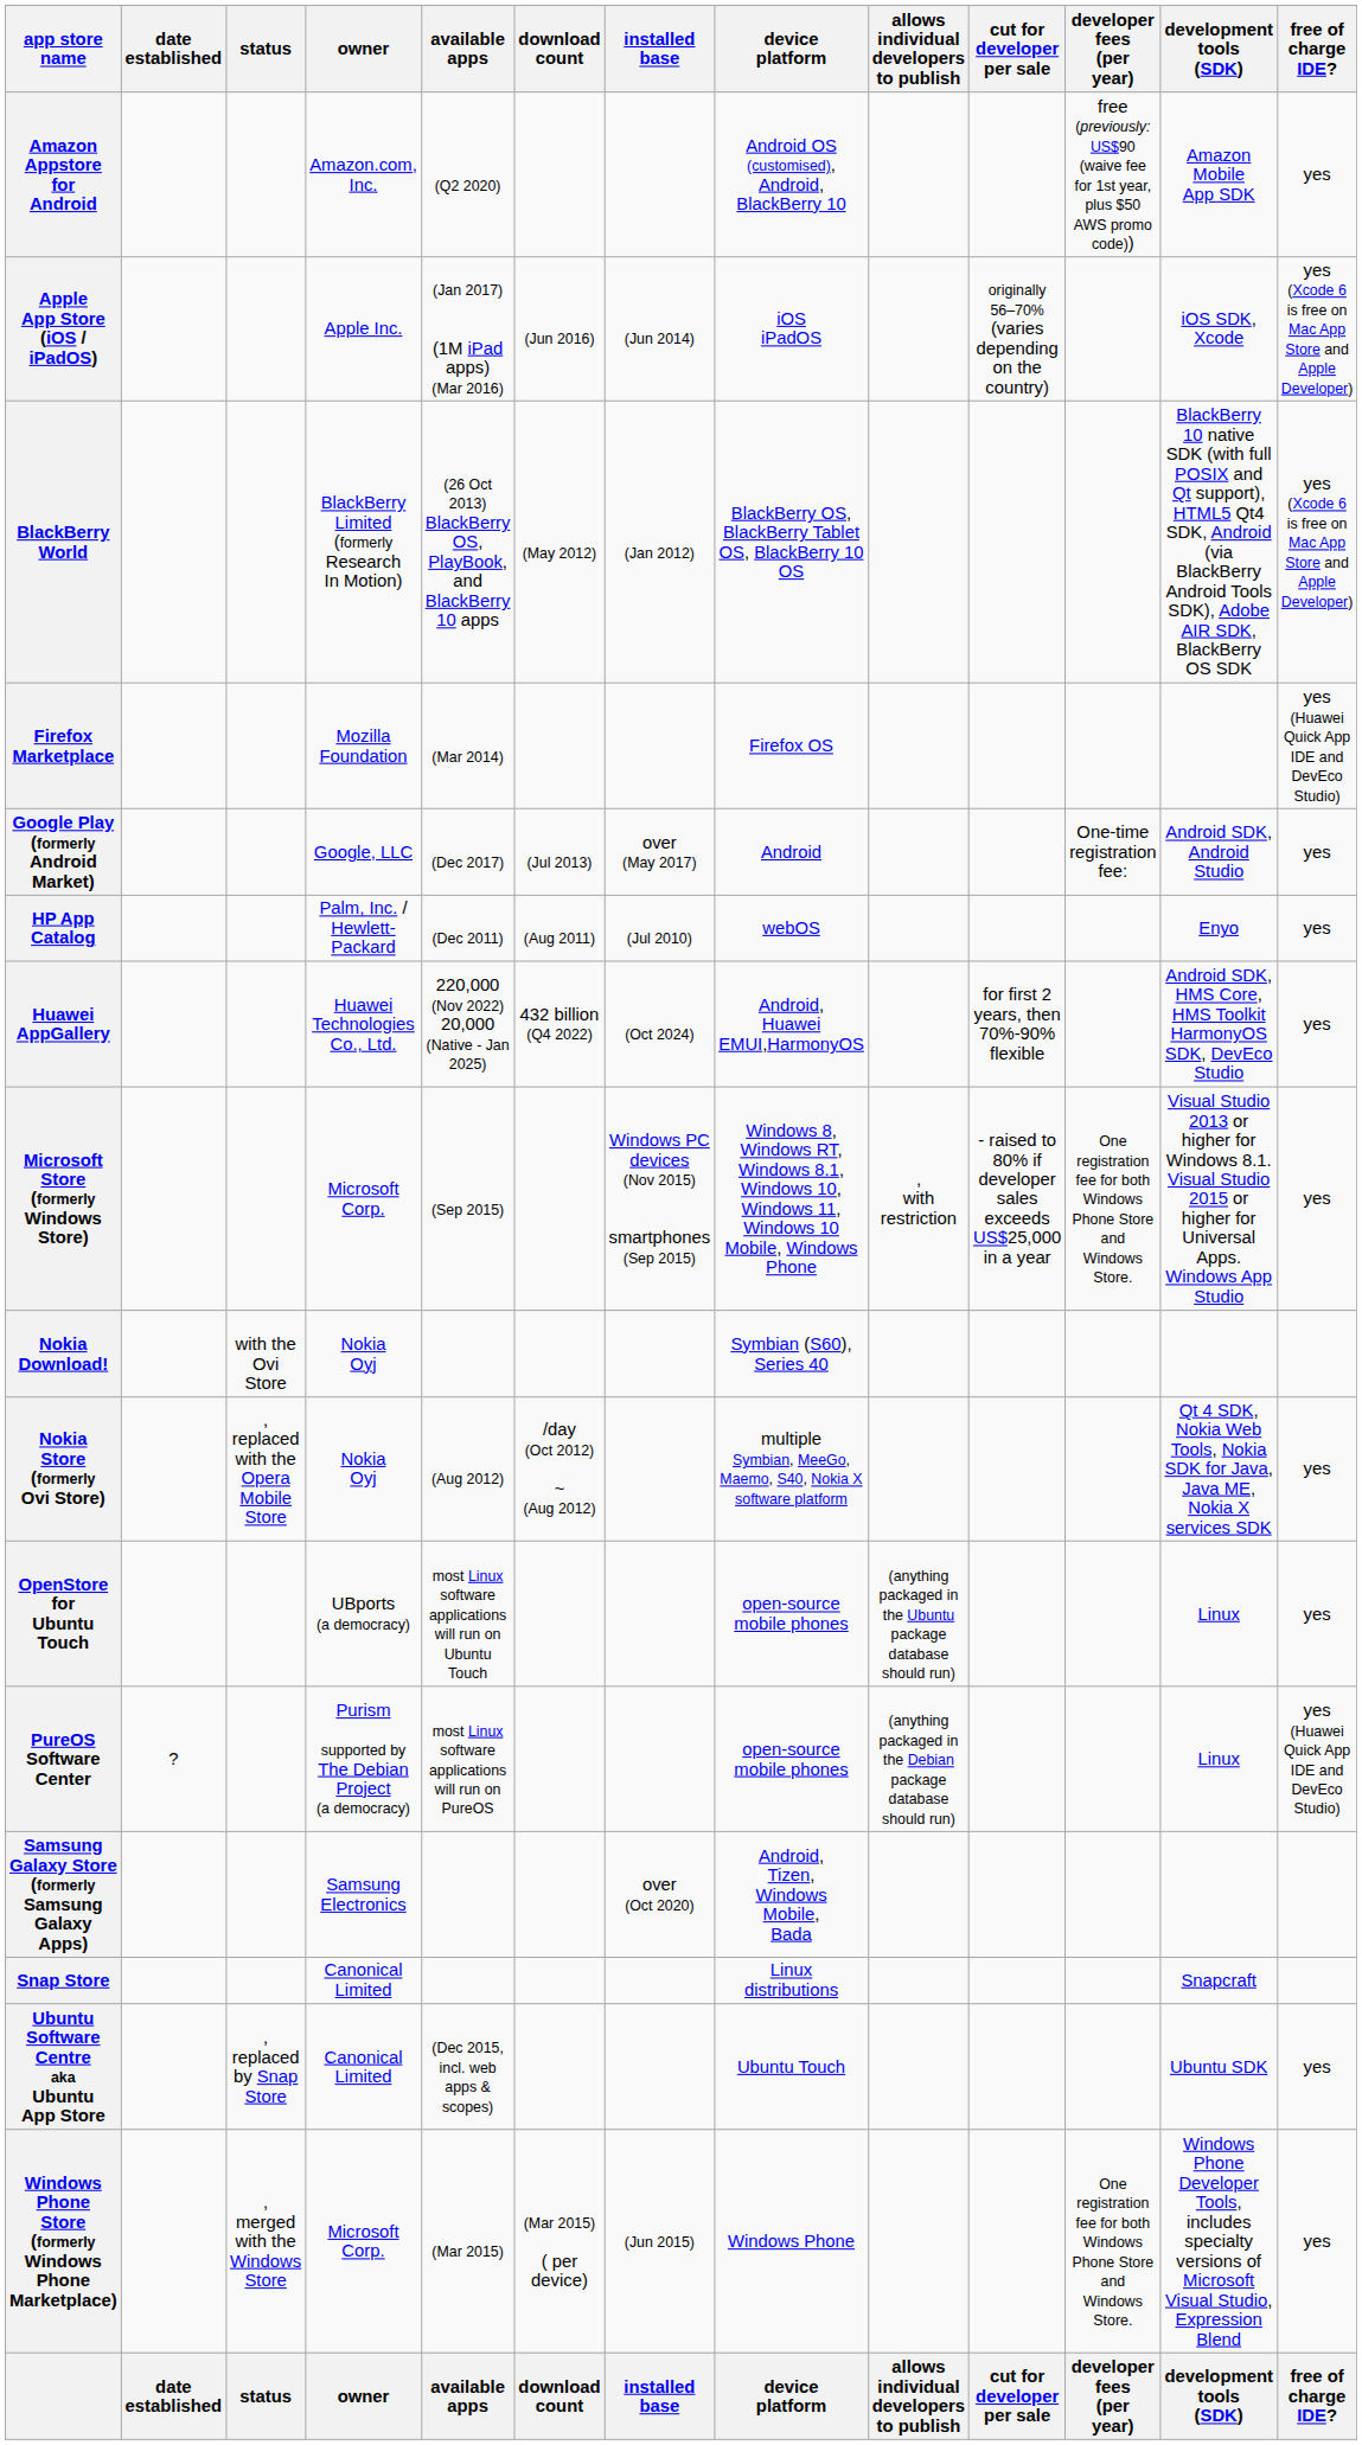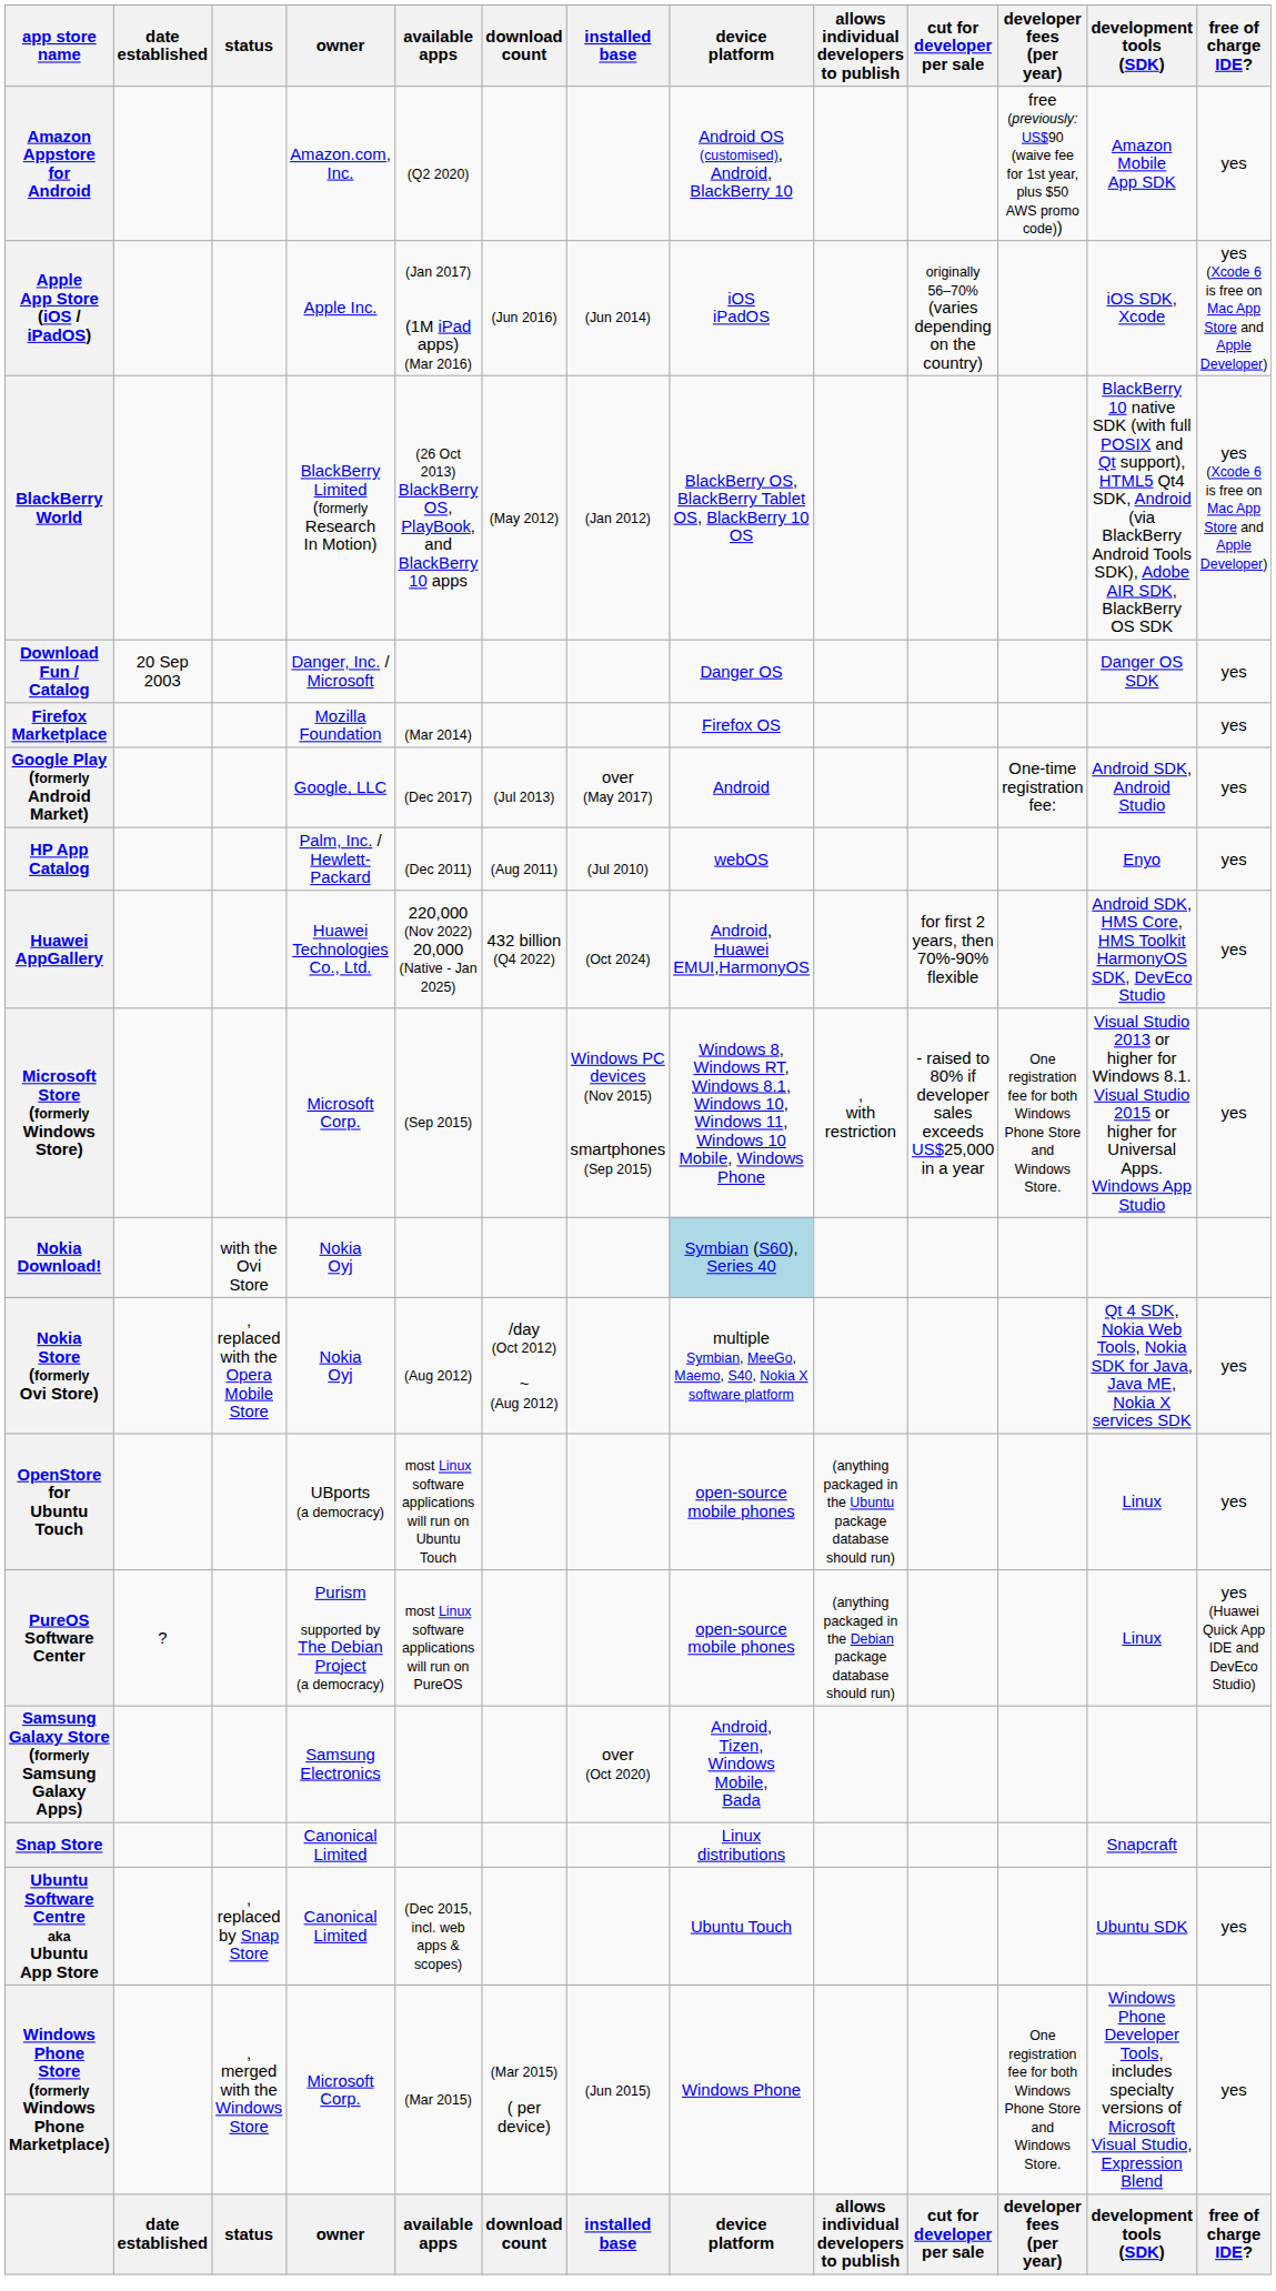 <table class="wikitable sortable" style="text-align:center; font-size:90%">
 <tr>
 <th><a href='#'>app store<br>name</a></th>
 <th>date<br>established</th>
 <th>status</th>
 <th>owner</th>
 <th>available<br>apps</th>
 <th>download<br>count</th>
 <th><a href='#'>installed<br>base</a></th>
 <th>device<br>platform</th>
 <th>allows<br>individual<br>developers<br>to publish</th>
 <th>cut for<br><a href='#'>developer</a><br>per sale</th>
 <th>developer<br>fees<br>(per<br>year)</th>
 <th>development<br>tools<br>(<a href='#'>SDK</a>)</th>
 <th>free of<br>charge<br><a href='#'>IDE</a>?</th>
 </tr>
 <tr>
 <th><a href='#'>Amazon<br>Appstore<br>for<br>Android</a></th>
 <td></td>
 <td></td>
 <td><a href='#'>Amazon.com,<br>Inc.</a></td>
 <td><br><small>(Q2 2020)</small><br></td>
 <td></td>
 <td></td>
 <td><a href='#'>Android OS<br><small>(customised)</small></a>, <a href='#'>Android</a>, <a href='#'>BlackBerry 10</a></td>
 <td></td>
 <td></td>
 <td>free <br><small>(<em>previously:</em> <a href='#'>US$</a>90 <br>(waive fee for 1st year, plus $50 AWS promo code)</small>)</td>
 <td><a href='#'>Amazon<br>Mobile<br>App SDK</a><br></td>
 <td>yes</td>
 </tr>
 <tr>
 <th><a href='#'>Apple<br>App Store</a><br>(<a href='#'>iOS</a> / <a href='#'>iPadOS</a>)</th>
 <td></td>
 <td></td>
 <td><a href='#'>Apple Inc.</a></td>
 <td><br><small>(Jan 2017)</small><br><br><br>(1M <a href='#'>iPad</a> apps)<br><small>(Mar 2016)</small><br></td>
 <td><br><small>(Jun 2016)</small><br></td>
 <td><br><small>(Jun 2014)</small><br></td>
 <td><a href='#'>iOS</a><br><a href='#'>iPadOS</a></td>
 <td></td>
 <td> <br><small>originally<br>56–70%</small> (varies depending on the country) </td>
 <td><br></td>
 <td><a href='#'>iOS SDK</a>,<br><a href='#'>Xcode</a></td>
 <td>yes <br><small>(<a href='#'>Xcode 6</a> is free on <a href='#'>Mac App Store</a> and <a href='#'>Apple Developer</a>)</small></td>
 </tr>
 <tr>
 <th><a href='#'>BlackBerry World</a></th>
 <td></td>
 <td> </td>
 <td><a href='#'>BlackBerry<br>Limited</a><br>(<small>formerly</small><br>Research<br>In Motion)</td>
 <td><br><small>(26 Oct 2013)</small><br><a href='#'>BlackBerry OS</a>, <a href='#'>PlayBook</a>, and <a href='#'>BlackBerry 10</a> apps<br></td>
 <td><br><small>(May 2012)</small><br></td>
 <td><br><small>(Jan 2012)</small><br></td>
 <td><a href='#'>BlackBerry OS</a>, <a href='#'>BlackBerry Tablet OS</a>, <a href='#'>BlackBerry 10 OS</a></td>
 <td></td>
 <td><br></td>
 <td><br></td>
 <td><a href='#'>BlackBerry 10</a> native SDK (with full <a href='#'>POSIX</a> and <a href='#'>Qt</a> support), <a href='#'>HTML5</a> Qt4 SDK, <a href='#'>Android</a> (via BlackBerry Android Tools SDK), <a href='#'>Adobe AIR SDK</a>, BlackBerry OS SDK</td>
 <td>yes <br><small>(<a href='#'>Xcode 6</a> is free on <a href='#'>Mac App Store</a> and <a href='#'>Apple Developer</a>)</small></td>
 </tr>
 <tr>
+<th><a href='#'>Download Fun / Catalog</a></th>
+<td>20 Sep 2003<br></td>
+<td> </td>
+<td><a href='#'>Danger, Inc.</a> / <a href='#'>Microsoft</a></td>
+<td></td>
+<td></td>
+<td></td>
+<td><a href='#'>Danger OS</a></td>
+<td></td>
+<td></td>
+<td></td>
+<td><a href='#'>Danger OS SDK</a></td>
+<td>yes</td>
+</tr>
+<tr>
 <th><a href='#'>Firefox<br>Marketplace</a></th>
 <td></td>
 <td> </td>
 <td><a href='#'>Mozilla<br>Foundation</a></td>
 <td><br><small>(Mar 2014)</small> </td>
 <td></td>
 <td></td>
 <td><a href='#'>Firefox OS</a></td>
 <td></td>
 <td><br></td>
 <td></td>
 <td></td>
-<td>yes<br><small>(Huawei Quick App IDE and DevEco Studio)</small> </td>
+<td>yes</td>
 </tr>
 <tr>
 <th><a href='#'>Google Play</a><br>(<small>formerly</small><br>Android<br>Market)</th>
 <td></td>
 <td></td>
 <td><a href='#'>Google, LLC</a></td>
 <td><br><small>(Dec 2017)</small><br></td>
 <td><br><small>(Jul 2013)</small><br></td>
 <td>over <br><small>(May 2017)</small><br></td>
 <td><a href='#'>Android</a><br></td>
 <td></td>
 <td></td>
 <td>One-time registration fee: <br></td>
 <td><a href='#'>Android SDK</a>, <a href='#'>Android Studio</a></td>
 <td>yes</td>
 </tr>
 <tr>
 <th><a href='#'>HP App<br>Catalog</a></th>
 <td></td>
 <td></td>
 <td><a href='#'>Palm, Inc.</a> / <a href='#'>Hewlett-<br>Packard</a></td>
 <td><br><small>(Dec 2011)</small> </td>
 <td><br><small>(Aug 2011)</small><br></td>
 <td><br><small>(Jul 2010)</small><br></td>
 <td><a href='#'>webOS</a></td>
 <td></td>
 <td><br></td>
 <td><br></td>
 <td><a href='#'>Enyo</a></td>
 <td>yes</td>
 </tr>
 <tr>
 <th><a href='#'>Huawei<br>AppGallery</a></th>
 <td><br></td>
 <td></td>
 <td><a href='#'>Huawei<br>Technologies<br>Co., Ltd.</a></td>
 <td>220,000<br><small>(Nov 2022)</small><br>20,000<br><small>(Native - Jan 2025)</small><br></td>
 <td>432 billion<br><small>(Q4 2022)</small></td>
 <td><br><small>(Oct 2024)</small><br></td>
 <td><a href='#'>Android</a>,<br><a href='#'>Huawei EMUI</a>,<a href='#'>HarmonyOS</a></td>
 <td></td>
 <td> for first 2 years, then 70%-90% flexible<br></td>
 <td><br></td>
 <td><a href='#'>Android SDK</a>,<br><a href='#'>HMS Core</a>,<br><a href='#'>HMS Toolkit</a><br><a href='#'>HarmonyOS SDK</a>, <a href='#'>DevEco Studio</a></td>
 <td>yes</td>
 </tr>
 <tr>
 <th><a href='#'>Microsoft<br>Store</a><br>(<small>formerly</small><br>Windows Store)</th>
 <td></td>
 <td></td>
 <td><a href='#'>Microsoft<br>Corp.</a></td>
 <td><br><small>(Sep 2015)</small></td>
 <td></td>
 <td><br><a href='#'>Windows PC devices</a><br><small>(Nov 2015)</small><br><br><br>smartphones<br><small> (Sep 2015)</small><br><br></td>
 <td><a href='#'>Windows 8</a>, <a href='#'>Windows RT</a>, <a href='#'>Windows 8.1</a>, <a href='#'>Windows 10</a>, <a href='#'>Windows 11</a>, <a href='#'>Windows 10 Mobile</a>, <a href='#'>Windows Phone</a></td>
 <td>,<br>with<br>restriction </td>
 <td> - raised to 80% if developer sales exceeds <a href='#'>US$</a>25,000 in a year</td>
 <td><br><small>One registration fee for both Windows Phone Store and Windows Store.</small></td>
 <td><a href='#'>Visual Studio 2013</a> or higher for Windows 8.1.<br><a href='#'>Visual Studio 2015</a> or higher for Universal Apps.<br><a href='#'>Windows App Studio</a></td>
 <td>yes</td>
 </tr>
 <tr>
 <th><a href='#'>Nokia<br>Download!</a></th>
 <td></td>
 <td><br>with the<br>Ovi Store</td>
 <td><a href='#'>Nokia<br>Oyj</a></td>
 <td></td>
 <td></td>
 <td></td>
-<td><a href='#'>Symbian</a> (<a href='#'>S60</a>),<br><a href='#'>Series 40</a></td>
+<td style="background: lightblue;"><a href='#'>Symbian</a> (<a href='#'>S60</a>),<br><a href='#'>Series 40</a></td>
 <td></td>
 <td></td>
 <td></td>
 <td></td>
 <td></td>
 </tr>
 <tr>
 <th><a href='#'>Nokia<br>Store</a><br>(<small>formerly</small><br>Ovi Store)</th>
 <td></td>
 <td>,<br>replaced<br>with the<br><a href='#'>Opera Mobile Store</a></td>
 <td><a href='#'>Nokia<br>Oyj</a></td>
 <td><br><small>(Aug 2012)</small><br></td>
 <td>/day<br><small>(Oct 2012)</small><br><br>~<br><small>(Aug 2012)</small><br></td>
 <td><br><br></td>
 <td>multiple <br><small><a href='#'>Symbian</a>, <a href='#'>MeeGo</a>, <a href='#'>Maemo</a>, <a href='#'>S40</a>, <a href='#'>Nokia X software platform</a></small></td>
 <td></td>
 <td></td>
 <td><br></td>
 <td><a href='#'>Qt 4 SDK</a>, <a href='#'>Nokia Web Tools</a>, <a href='#'>Nokia SDK for Java</a>, <a href='#'>Java ME</a>, <a href='#'>Nokia X services SDK</a></td>
 <td>yes</td>
 </tr>
 <tr>
 <th><a href='#'>OpenStore</a><br>for<br>Ubuntu<br>Touch</th>
 <td><br></td>
 <td></td>
 <td>UBports<br><small>(a democracy)</small></td>
 <td><br><small>most <a href='#'>Linux</a> software applications will run on Ubuntu Touch</small></td>
 <td></td>
 <td></td>
 <td><a href='#'>open-source mobile phones</a></td>
 <td><br><small>(anything packaged in the <a href='#'>Ubuntu</a> package database should run)</small></td>
 <td></td>
 <td></td>
 <td><a href='#'>Linux</a></td>
 <td>yes</td>
 </tr>
 <tr>
 <th><a href='#'>PureOS</a><br>Software<br>Center</th>
 <td> ?<br> </td>
 <td></td>
 <td><a href='#'>Purism</a><br><br><small>supported by</small> <a href='#'>The Debian Project</a><br><small>(a democracy)</small></td>
 <td> <br><small>most <a href='#'>Linux</a> software applications will run on PureOS</small></td>
 <td></td>
 <td></td>
 <td><a href='#'>open-source mobile phones</a></td>
 <td><small><br>(anything packaged in the <a href='#'>Debian</a> package database should run)</small></td>
 <td></td>
 <td></td>
 <td><a href='#'>Linux</a></td>
 <td>yes<br><small>(Huawei Quick App IDE and DevEco Studio)</small> </td>
 </tr>
 <tr>
 <th><a href='#'>Samsung Galaxy Store</a><br>(<small>formerly</small><br>Samsung<br>Galaxy Apps)</th>
 <td></td>
 <td></td>
 <td><a href='#'>Samsung<br>Electronics</a></td>
 <td></td>
 <td></td>
 <td>over <small><br>(Oct 2020)</small><br></td>
 <td><a href='#'>Android</a>,<br><a href='#'>Tizen</a>,<br><a href='#'>Windows<br>Mobile</a>,<br><a href='#'>Bada</a></td>
 <td></td>
 <td></td>
 <td></td>
 <td></td>
 <td></td>
 </tr>
 <tr>
 <th><a href='#'>Snap Store</a></th>
 <td><br></td>
 <td></td>
 <td><a href='#'>Canonical<br>Limited</a></td>
 <td></td>
 <td></td>
 <td></td>
 <td><a href='#'>Linux<br>distributions</a></td>
 <td></td>
 <td></td>
 <td></td>
 <td><a href='#'>Snapcraft</a></td>
 <td></td>
 </tr>
 <tr>
 <th><a href='#'>Ubuntu<br>Software<br>Centre</a><br><small>aka</small><br>Ubuntu<br>App Store</th>
 <td></td>
 <td>,<br>replaced by <a href='#'>Snap Store</a></td>
 <td><a href='#'>Canonical<br>Limited</a></td>
 <td><br><small>(Dec 2015, incl. web apps & scopes)</small><br></td>
 <td></td>
 <td></td>
 <td><a href='#'>Ubuntu Touch</a></td>
 <td></td>
 <td></td>
 <td></td>
 <td><a href='#'>Ubuntu SDK</a></td>
 <td>yes</td>
 </tr>
 <tr>
 <th><a href='#'>Windows<br>Phone<br>Store</a><br>(<small>formerly</small><br>Windows<br>Phone<br>Marketplace)</th>
 <td></td>
 <td>,<br>merged<br>with the<br><a href='#'>Windows Store</a></td>
 <td><a href='#'>Microsoft<br>Corp.</a></td>
 <td><small><br>(Mar 2015)</small><br></td>
 <td><br><small>(Mar 2015)</small><br><br>( per device)</td>
 <td><br><small>(Jun 2015)</small><br><br></td>
 <td><a href='#'>Windows Phone</a></td>
 <td></td>
 <td></td>
 <td><br><small>One registration fee for both Windows Phone Store and Windows Store.</small></td>
 <td><a href='#'>Windows Phone Developer Tools</a>, includes specialty versions of <a href='#'>Microsoft Visual Studio</a>, <a href='#'>Expression Blend</a></td>
 <td>yes</td>
 </tr>
 <tr>
 <th></th>
 <th>date<br>established</th>
 <th>status</th>
 <th>owner</th>
 <th>available<br>apps</th>
 <th>download<br>count</th>
 <th><a href='#'>installed<br>base</a></th>
 <th>device<br>platform</th>
 <th>allows<br>individual<br>developers<br>to publish</th>
 <th>cut for<br><a href='#'>developer</a><br>per sale</th>
 <th>developer<br>fees<br>(per<br>year)</th>
 <th>development<br>tools<br>(<a href='#'>SDK</a>)</th>
 <th>free of<br>charge<br><a href='#'>IDE</a>?</th>
 </tr>
 </table>
